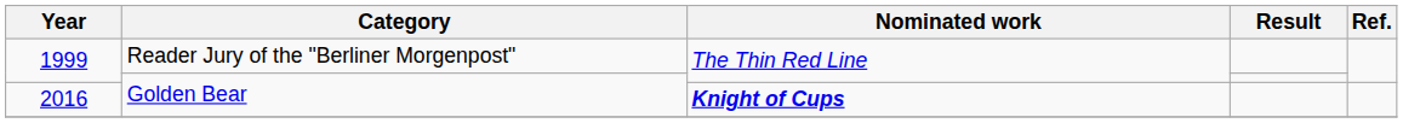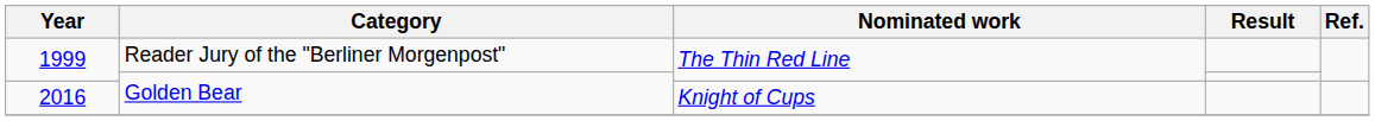 <table class=wikitable>
 <tr>
 <th scope="col" style="width:5em;">Year</th>
 <th scope="col" style="width:26em;">Category</th>
 <th scope="col" style="width:25em;">Nominated work</th>
 <th scope="col" style="width:5em;">Result</th>
 <th>Ref.</th>
 </tr>
 <tr>
 <td style="text-align:center;", rowspan="2"><a href='#'>1999</a></td>
 <td>Reader Jury of the "Berliner Morgenpost"</td>
 <td rowspan="2"><em><a href='#'>The Thin Red Line</a></em></td>
 <td></td>
 <td style="text-align: center;" rowspan="2"></td>
 </tr>
 <tr>
 <td rowspan="2"><a href='#'>Golden Bear</a></td>
 <td></td>
 </tr>
 <tr>
 <td style="text-align:center;"><a href='#'>2016</a></td>
-<td><strong><em><a href='#'>Knight of Cups</a></em></strong></td>
+<td><em><a href='#'>Knight of Cups</a></em></td>
 <td></td>
 <td style="text-align: center;"></td>
 </tr>
 <tr>
 </tr>
 </table>
